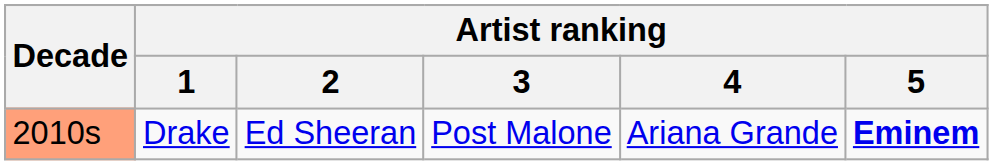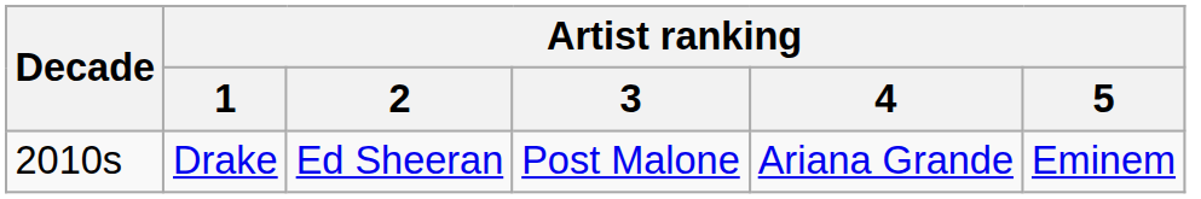 <table class="wikitable">
 <tr>
 <th rowspan="2">Decade</th>
 <th colspan="5">Artist ranking</th>
 </tr>
 <tr>
 <th>1</th>
 <th>2</th>
 <th>3</th>
 <th>4</th>
 <th>5</th>
 </tr>
 <tr>
-<td style="background: lightsalmon;">2010s</td>
+<td>2010s</td>
 <td><a href='#'>Drake</a> </td>
 <td><a href='#'>Ed Sheeran</a></td>
 <td><a href='#'>Post Malone</a></td>
 <td><a href='#'>Ariana Grande</a></td>
-<td><strong><a href='#'>Eminem</a></strong></td>
+<td><a href='#'>Eminem</a></td>
 </tr>
 </table>
